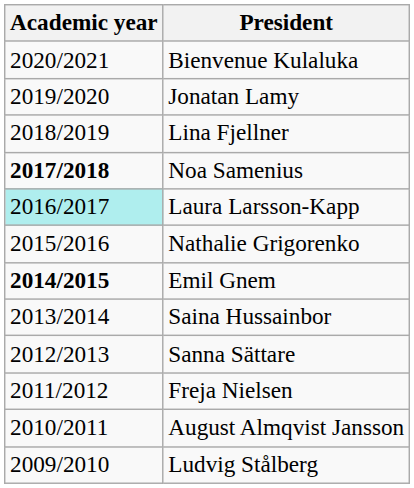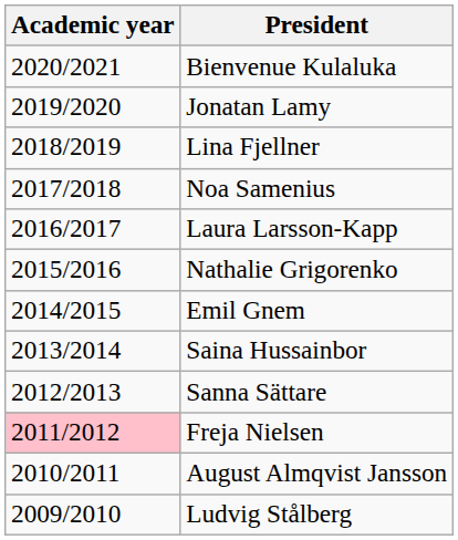 <table class="wikitable">
 <tr>
 <th>Academic year</th>
 <th>President</th>
 </tr>
 <tr>
 <td>2020/2021</td>
 <td>Bienvenue Kulaluka</td>
 </tr>
 <tr>
 <td>2019/2020</td>
 <td>Jonatan Lamy</td>
 </tr>
 <tr>
 <td>2018/2019</td>
 <td>Lina Fjellner</td>
 </tr>
 <tr>
-<td><strong>2017/2018</strong></td>
+<td>2017/2018</td>
 <td>Noa Samenius</td>
 </tr>
 <tr>
-<td style="background: paleturquoise;">2016/2017</td>
+<td>2016/2017</td>
 <td>Laura Larsson-Kapp</td>
 </tr>
 <tr>
 <td>2015/2016</td>
 <td>Nathalie Grigorenko</td>
 </tr>
 <tr>
-<td><strong>2014/2015</strong></td>
+<td>2014/2015</td>
 <td>Emil Gnem</td>
 </tr>
 <tr>
 <td>2013/2014</td>
 <td>Saina Hussainbor</td>
 </tr>
 <tr>
 <td>2012/2013</td>
 <td>Sanna Sättare</td>
 </tr>
 <tr>
-<td>2011/2012</td>
+<td style="background: pink;">2011/2012</td>
 <td>Freja Nielsen</td>
 </tr>
 <tr>
 <td>2010/2011</td>
 <td>August Almqvist Jansson</td>
 </tr>
 <tr>
 <td>2009/2010</td>
 <td>Ludvig Stålberg</td>
 </tr>
 </table>
